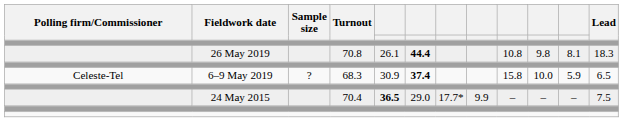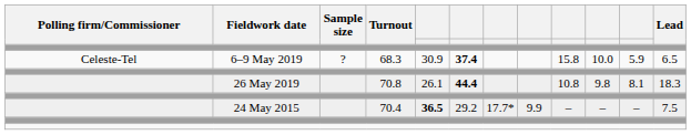 <table class="wikitable collapsible collapsed" style="text-align:center; font-size:95%; line-height:16px;">
 <tr style="height:42px;">
 <th style="width:250px;" rowspan="2">Polling firm/Commissioner</th>
 <th style="width:125px;" rowspan="2">Fieldwork date</th>
 <th style="width:50px;" rowspan="2">Sample size</th>
 <th style="width:45px;" rowspan="2">Turnout</th>
 <th style="width:35px;"></th>
 <th style="width:35px;"></th>
 <th style="width:35px;"></th>
 <th style="width:35px;"></th>
 <th style="width:35px;"></th>
 <th style="width:35px;"></th>
 <th style="width:35px;"></th>
 <th style="width:30px;" rowspan="2">Lead</th>
 </tr>
 <tr>
 <th style="color:inherit;background:"></th>
 <th style="color:inherit;background:"></th>
 <th style="color:inherit;background:"></th>
 <th style="color:inherit;background:"></th>
 <th style="color:inherit;background:"></th>
 <th style="color:inherit;background:"></th>
 <th style="color:inherit;background:"></th>
 </tr>
 <tr>
 <td colspan="12" style="background:#A0A0A0"></td>
 </tr>
-<tr style="background:#EFEFEF;">
-<td><strong></strong></td>
-<td>26 May 2019</td>
-<td></td>
-<td>70.8</td>
-<td>26.1<br></td>
-<td><strong>44.4</strong><br></td>
-<td></td>
-<td></td>
-<td>10.8<br></td>
-<td>9.8<br></td>
-<td>8.1<br></td>
-<td style="background:">18.3</td>
-</tr>
-<tr>
-<td colspan="12" style="background:#A0A0A0"></td>
-</tr>
 <tr>
 <td>Celeste-Tel</td>
 <td>6–9 May 2019</td>
 <td>?</td>
 <td>68.3</td>
 <td>30.9<br></td>
 <td><strong>37.4</strong><br></td>
 <td></td>
 <td></td>
 <td>15.8<br></td>
 <td>10.0<br></td>
 <td>5.9<br></td>
 <td style="background:">6.5</td>
 </tr>
 <tr>
 <td colspan="12" style="background:#A0A0A0"></td>
 </tr>
 <tr style="background:#EFEFEF;">
 <td><strong></strong></td>
+<td>26 May 2019</td>
+<td></td>
+<td>70.8</td>
+<td>26.1<br></td>
+<td><strong>44.4</strong><br></td>
+<td></td>
+<td></td>
+<td>10.8<br></td>
+<td>9.8<br></td>
+<td>8.1<br></td>
+<td style="background:">18.3</td>
+</tr>
+<tr>
+<td colspan="12" style="background:#A0A0A0"></td>
+</tr>
+<tr style="background:#EFEFEF;">
+<td><strong></strong></td>
 <td>24 May 2015</td>
 <td></td>
 <td>70.4</td>
 <td><strong>36.5</strong><br></td>
-<td>29.0<br></td>
+<td>29.2<br></td>
 <td>17.7*<br></td>
 <td>9.9<br></td>
 <td>–</td>
 <td>–</td>
 <td>–</td>
 <td style="background:">7.5</td>
 </tr>
 <tr>
 <td colspan="12" style="background:#A0A0A0"></td>
 </tr>
 <tr>
 <td align="left" colspan="12"></td>
 </tr>
 </table>
